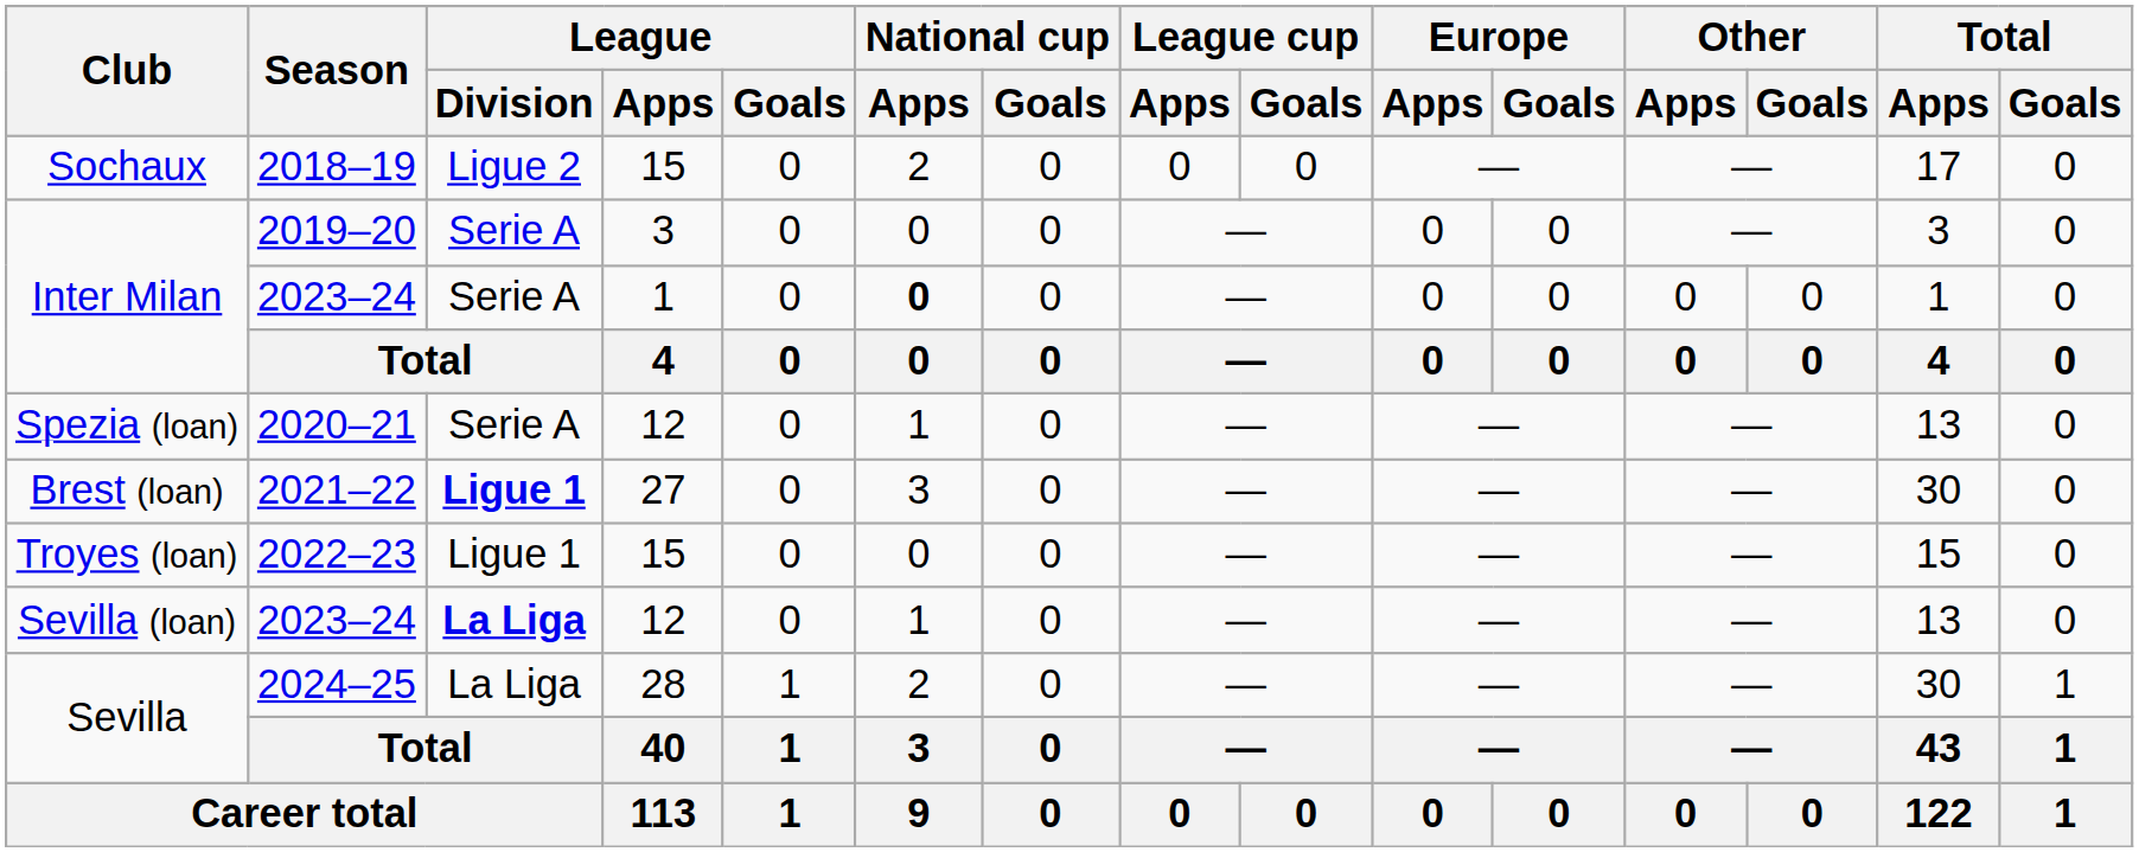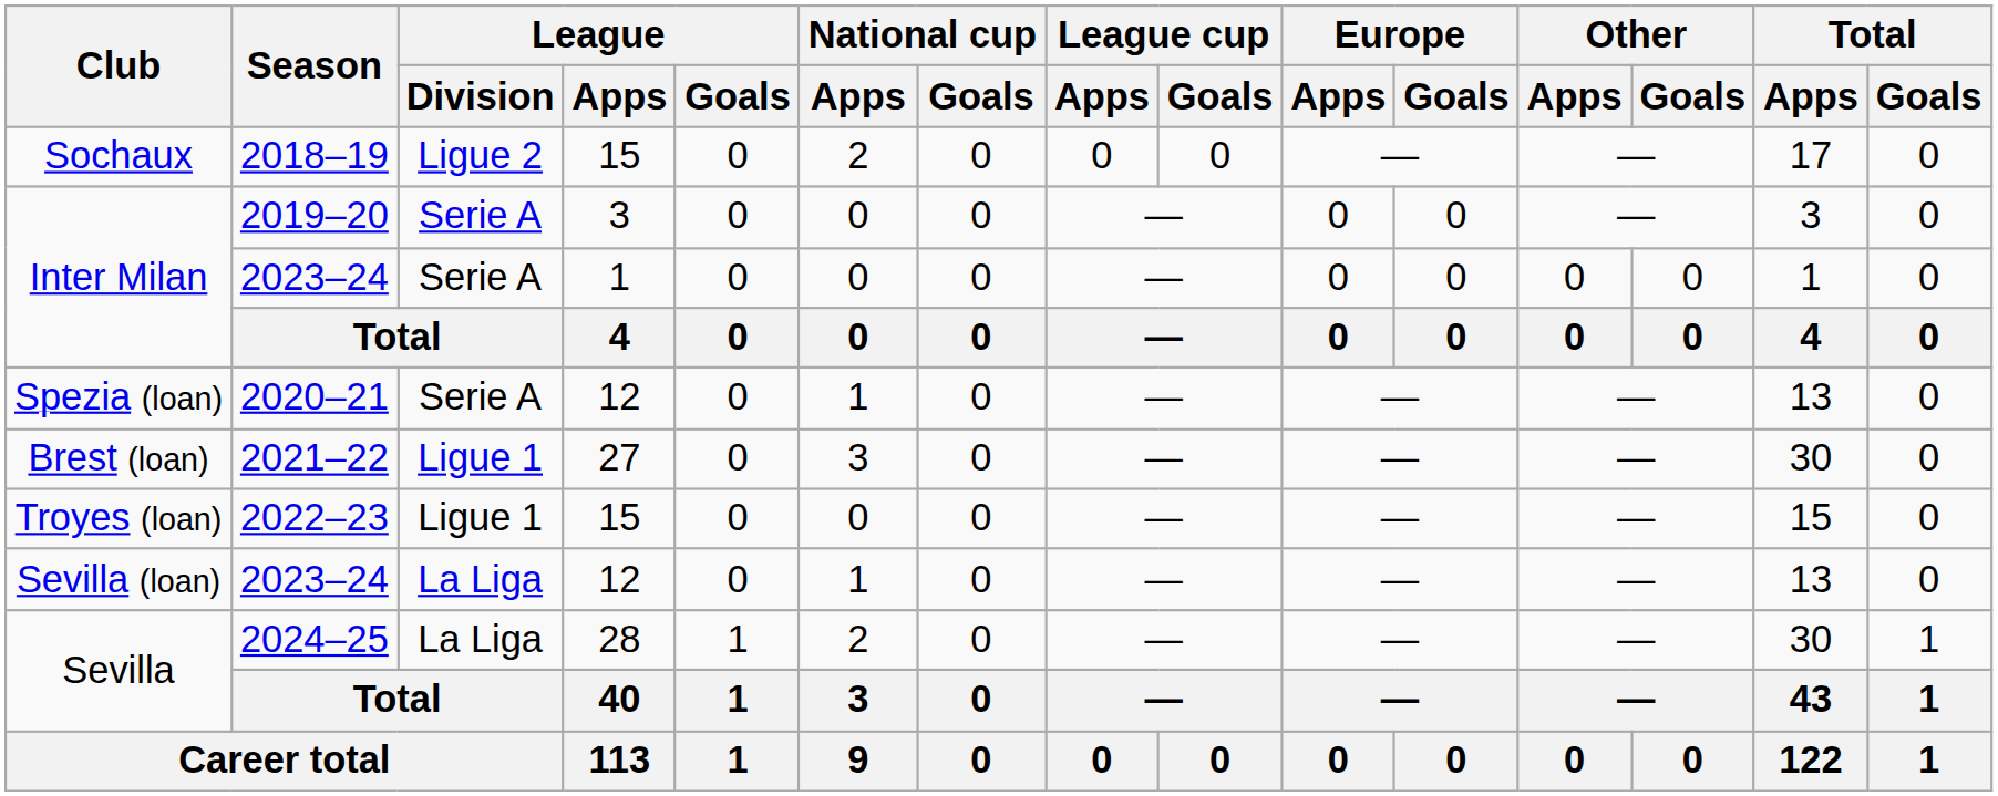 <table class=wikitable style=text-align:center>
 <tr>
 <th rowspan="2">Club</th>
 <th rowspan="2">Season</th>
 <th colspan="3">League</th>
 <th colspan="2">National cup</th>
 <th colspan="2">League cup</th>
 <th colspan="2">Europe</th>
 <th colspan="2">Other</th>
 <th colspan="2">Total</th>
 </tr>
 <tr>
 <th>Division</th>
 <th>Apps</th>
 <th>Goals</th>
 <th>Apps</th>
 <th>Goals</th>
 <th>Apps</th>
 <th>Goals</th>
 <th>Apps</th>
 <th>Goals</th>
 <th>Apps</th>
 <th>Goals</th>
 <th>Apps</th>
 <th>Goals</th>
 </tr>
 <tr>
 <td><a href='#'>Sochaux</a></td>
 <td><a href='#'>2018–19</a></td>
 <td><a href='#'>Ligue 2</a></td>
 <td>15</td>
 <td>0</td>
 <td>2</td>
 <td>0</td>
 <td>0</td>
 <td>0</td>
 <td colspan="2">—</td>
 <td colspan="2">—</td>
 <td>17</td>
 <td>0</td>
 </tr>
 <tr>
 <td rowspan="3"><a href='#'>Inter Milan</a></td>
 <td><a href='#'>2019–20</a></td>
 <td><a href='#'>Serie A</a></td>
 <td>3</td>
 <td>0</td>
 <td>0</td>
 <td>0</td>
 <td colspan="2">—</td>
 <td>0</td>
 <td>0</td>
 <td colspan="2">—</td>
 <td>3</td>
 <td>0</td>
 </tr>
 <tr>
 <td><a href='#'>2023–24</a></td>
 <td>Serie A</td>
 <td>1</td>
 <td>0</td>
-<td><strong>0</strong></td>
+<td>0</td>
 <td>0</td>
 <td colspan="2">—</td>
 <td>0</td>
 <td>0</td>
 <td>0</td>
 <td>0</td>
 <td>1</td>
 <td>0</td>
 </tr>
 <tr>
 <th colspan="2">Total</th>
 <th>4</th>
 <th>0</th>
 <th>0</th>
 <th>0</th>
 <th colspan="2">—</th>
 <th>0</th>
 <th>0</th>
 <th>0</th>
 <th>0</th>
 <th>4</th>
 <th>0</th>
 </tr>
 <tr>
 <td><a href='#'>Spezia</a> <small>(loan)</small></td>
 <td><a href='#'>2020–21</a></td>
 <td>Serie A</td>
 <td>12</td>
 <td>0</td>
 <td>1</td>
 <td>0</td>
 <td colspan="2">—</td>
 <td colspan="2">—</td>
 <td colspan="2">—</td>
 <td>13</td>
 <td>0</td>
 </tr>
 <tr>
 <td><a href='#'>Brest</a> <small>(loan)</small></td>
 <td><a href='#'>2021–22</a></td>
-<td><strong><a href='#'>Ligue 1</a></strong></td>
+<td><a href='#'>Ligue 1</a></td>
 <td>27</td>
 <td>0</td>
 <td>3</td>
 <td>0</td>
 <td colspan="2">—</td>
 <td colspan="2">—</td>
 <td colspan="2">—</td>
 <td>30</td>
 <td>0</td>
 </tr>
 <tr>
 <td><a href='#'>Troyes</a> <small>(loan)</small></td>
 <td><a href='#'>2022–23</a></td>
 <td>Ligue 1</td>
 <td>15</td>
 <td>0</td>
 <td>0</td>
 <td>0</td>
 <td colspan="2">—</td>
 <td colspan="2">—</td>
 <td colspan="2">—</td>
 <td>15</td>
 <td>0</td>
 </tr>
 <tr>
 <td><a href='#'>Sevilla</a> <small>(loan)</small></td>
 <td><a href='#'>2023–24</a></td>
-<td><strong><a href='#'>La Liga</a></strong></td>
+<td><a href='#'>La Liga</a></td>
 <td>12</td>
 <td>0</td>
 <td>1</td>
 <td>0</td>
 <td colspan="2">—</td>
 <td colspan="2">—</td>
 <td colspan="2">—</td>
 <td>13</td>
 <td>0</td>
 </tr>
 <tr>
 <td rowspan="2">Sevilla</td>
 <td><a href='#'>2024–25</a></td>
 <td>La Liga</td>
 <td>28</td>
 <td>1</td>
 <td>2</td>
 <td>0</td>
 <td colspan="2">—</td>
 <td colspan="2">—</td>
 <td colspan="2">—</td>
 <td>30</td>
 <td>1</td>
 </tr>
 <tr>
 <th colspan="2">Total</th>
 <th>40</th>
 <th>1</th>
 <th>3</th>
 <th>0</th>
 <th colspan="2">—</th>
 <th colspan="2">—</th>
 <th colspan="2">—</th>
 <th>43</th>
 <th>1</th>
 </tr>
 <tr>
 <th colspan="3">Career total</th>
 <th>113</th>
 <th>1</th>
 <th>9</th>
 <th>0</th>
 <th>0</th>
 <th>0</th>
 <th>0</th>
 <th>0</th>
 <th>0</th>
 <th>0</th>
 <th>122</th>
 <th>1</th>
 </tr>
 </table>
